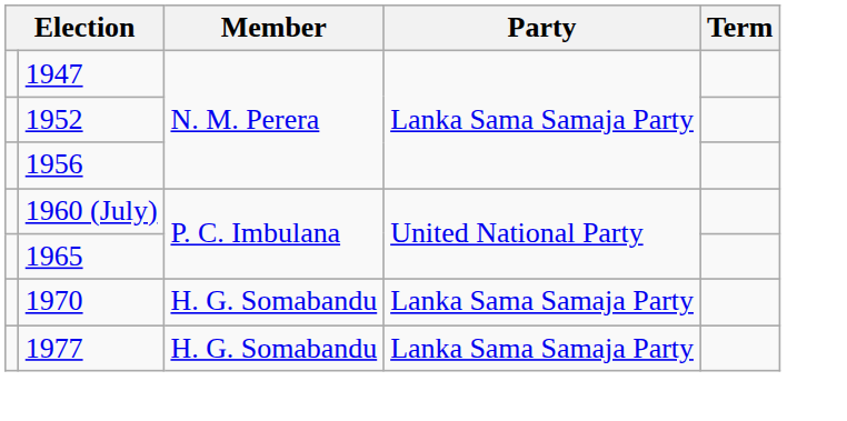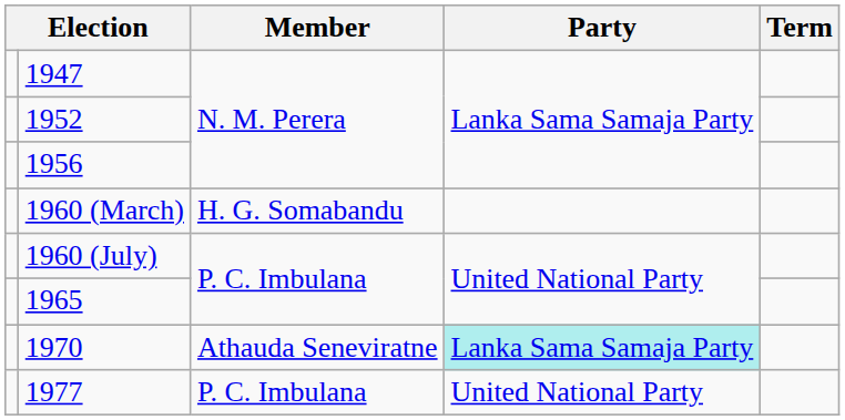 <table class="wikitable">
 <tr>
 <th colspan="2">Election</th>
 <th>Member</th>
 <th>Party</th>
 <th>Term</th>
 </tr>
 <tr>
 <td style="background-color: "></td>
 <td><a href='#'>1947</a></td>
 <td rowspan=3><a href='#'>N. M. Perera</a></td>
 <td rowspan=3><a href='#'>Lanka Sama Samaja Party</a></td>
 <td></td>
 </tr>
 <tr>
 <td style="background-color: "></td>
 <td><a href='#'>1952</a></td>
 <td></td>
 </tr>
 <tr>
 <td style="background-color: "></td>
 <td><a href='#'>1956</a></td>
 <td></td>
 </tr>
 <tr>
 <td style="background-color: "></td>
+<td><a href='#'>1960 (March)</a></td>
+<td><a href='#'>H. G. Somabandu</a></td>
+<td></td>
+<td></td>
+</tr>
+<tr>
+<td style="background-color: "></td>
 <td><a href='#'>1960 (July)</a></td>
 <td rowspan=2><a href='#'>P. C. Imbulana</a></td>
 <td rowspan=2><a href='#'>United National Party</a></td>
 <td></td>
 </tr>
 <tr>
 <td style="background-color: "></td>
 <td><a href='#'>1965</a></td>
 <td></td>
 </tr>
 <tr>
 <td style="background-color: "></td>
 <td><a href='#'>1970</a></td>
-<td><a href='#'>H. G. Somabandu</a></td>
-<td><a href='#'>Lanka Sama Samaja Party</a></td>
+<td><a href='#'>Athauda Seneviratne</a></td>
+<td style="background: paleturquoise;"><a href='#'>Lanka Sama Samaja Party</a></td>
 <td></td>
 </tr>
 <tr>
 <td style="background-color: "></td>
 <td><a href='#'>1977</a></td>
-<td><a href='#'>H. G. Somabandu</a></td>
-<td><a href='#'>Lanka Sama Samaja Party</a></td>
+<td><a href='#'>P. C. Imbulana</a></td>
+<td><a href='#'>United National Party</a></td>
 <td></td>
 </tr>
 </table>
